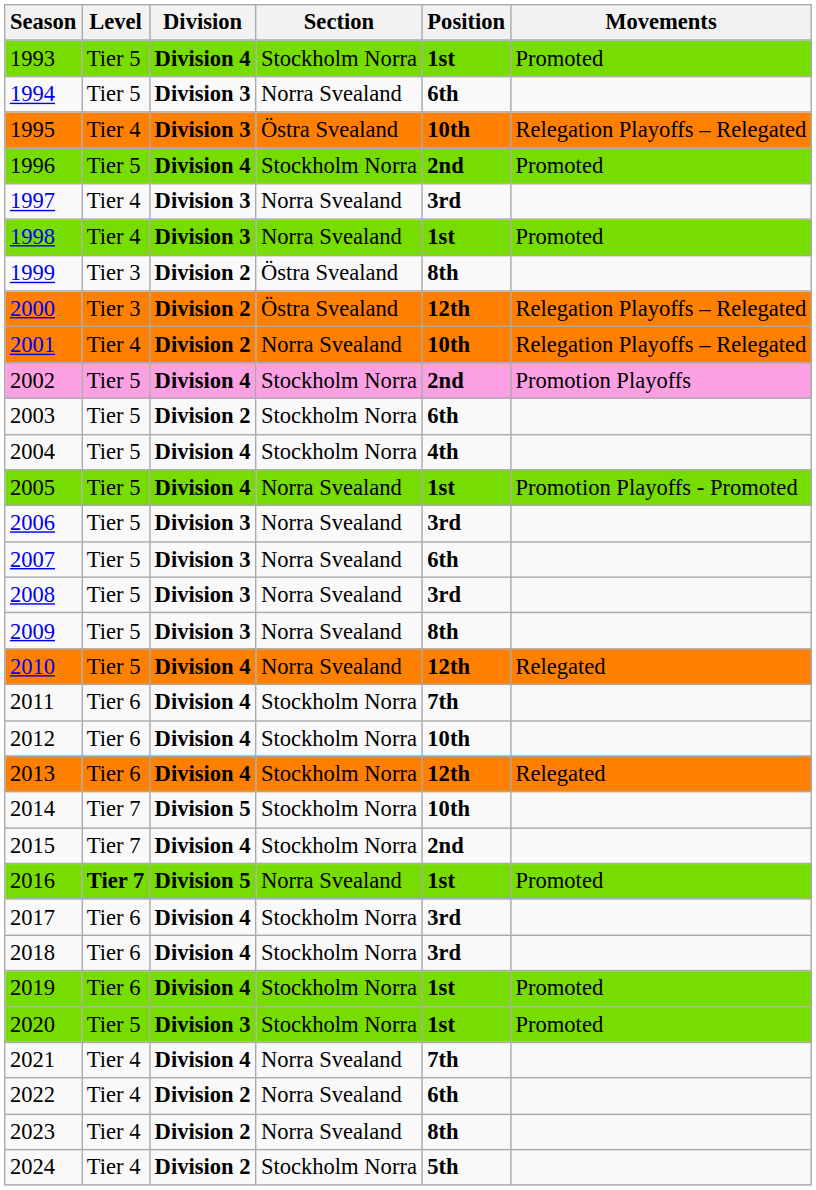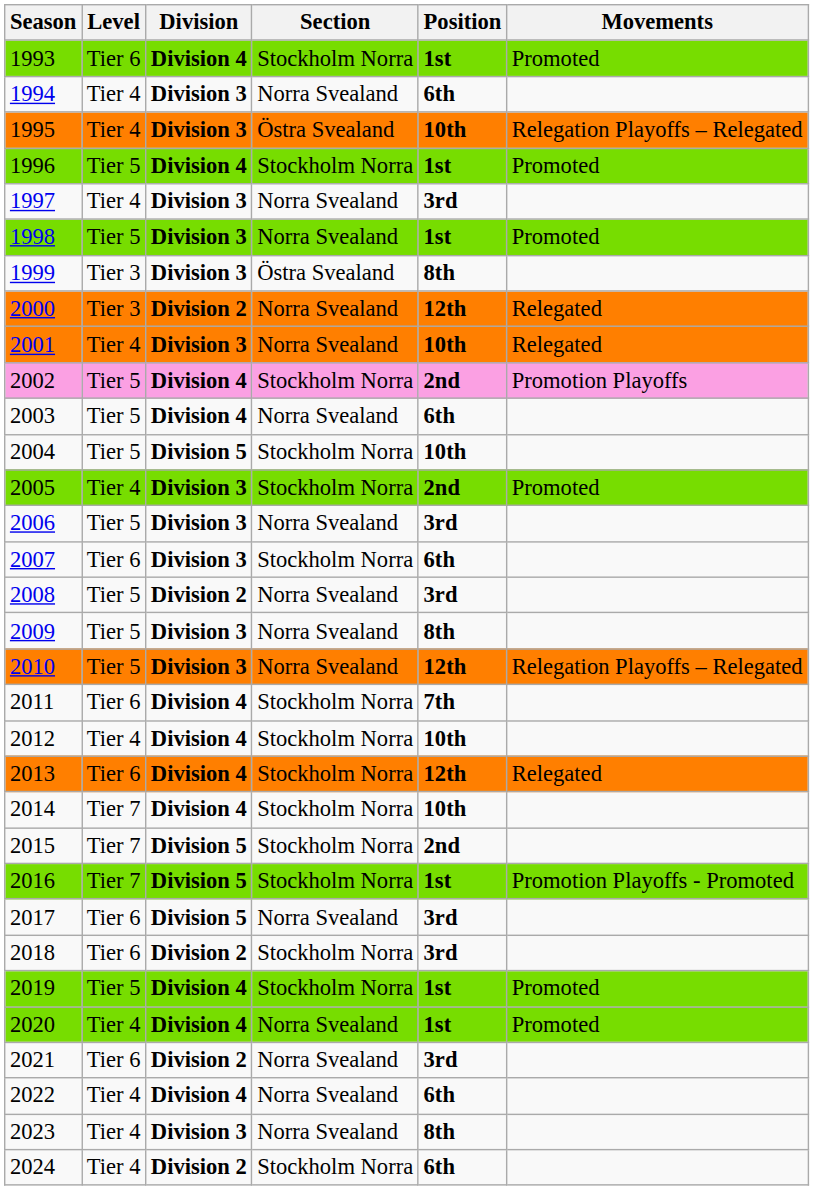 <table class="wikitable">
 <tr style="background:#f0f6fa;">
 <th>Season</th>
 <th>Level</th>
 <th>Division</th>
 <th>Section</th>
 <th>Position</th>
 <th>Movements</th>
 </tr>
 <tr>
 <td style="background:#77DD00;">1993</td>
-<td style="background:#77DD00;">Tier 5</td>
+<td style="background:#77DD00;">Tier 6</td>
 <td style="background:#77DD00;"><strong>Division 4</strong></td>
 <td style="background:#77DD00;">Stockholm Norra</td>
 <td style="background:#77DD00;"><strong>1st</strong></td>
 <td style="background:#77DD00;">Promoted</td>
 </tr>
 <tr>
 <td style="background"><a href='#'>1994</a></td>
-<td style="background">Tier 5</td>
+<td style="background">Tier 4</td>
 <td style="background"><strong>Division 3</strong></td>
 <td style="background">Norra Svealand</td>
 <td style="background"><strong>6th</strong></td>
 <td style="background"></td>
 </tr>
 <tr>
 <td style="background:#FF7F00;">1995</td>
 <td style="background:#FF7F00;">Tier 4</td>
 <td style="background:#FF7F00;"><strong>Division 3</strong></td>
 <td style="background:#FF7F00;">Östra Svealand</td>
 <td style="background:#FF7F00;"><strong>10th</strong></td>
 <td style="background:#FF7F00;">Relegation Playoffs – Relegated</td>
 </tr>
 <tr>
 <td style="background:#77DD00;">1996</td>
 <td style="background:#77DD00;">Tier 5</td>
 <td style="background:#77DD00;"><strong>Division 4</strong></td>
 <td style="background:#77DD00;">Stockholm Norra</td>
-<td style="background:#77DD00;"><strong>2nd</strong></td>
+<td style="background:#77DD00;"><strong>1st</strong></td>
 <td style="background:#77DD00;">Promoted</td>
 </tr>
 <tr>
 <td style="background"><a href='#'>1997</a></td>
 <td style="background">Tier 4</td>
 <td style="background"><strong>Division 3</strong></td>
 <td style="background">Norra Svealand</td>
 <td style="background"><strong>3rd</strong></td>
 <td style="background"></td>
 </tr>
 <tr>
 <td style="background:#77DD00;"><a href='#'>1998</a></td>
-<td style="background:#77DD00;">Tier 4</td>
+<td style="background:#77DD00;">Tier 5</td>
 <td style="background:#77DD00;"><strong>Division 3</strong></td>
 <td style="background:#77DD00;">Norra Svealand</td>
 <td style="background:#77DD00;"><strong>1st</strong></td>
 <td style="background:#77DD00;">Promoted</td>
 </tr>
 <tr>
 <td style="background"><a href='#'>1999</a></td>
 <td style="background">Tier 3</td>
-<td style="background"><strong>Division 2</strong></td>
+<td style="background"><strong>Division 3</strong></td>
 <td style="background">Östra Svealand</td>
 <td style="background"><strong>8th</strong></td>
 <td style="background"></td>
 </tr>
 <tr>
 <td style="background:#FF7F00;"><a href='#'>2000</a></td>
 <td style="background:#FF7F00;">Tier 3</td>
 <td style="background:#FF7F00;"><strong>Division 2</strong></td>
-<td style="background:#FF7F00;">Östra Svealand</td>
+<td style="background:#FF7F00;">Norra Svealand</td>
 <td style="background:#FF7F00;"><strong>12th</strong></td>
-<td style="background:#FF7F00;">Relegation Playoffs – Relegated</td>
+<td style="background:#FF7F00;">Relegated</td>
 </tr>
 <tr>
 <td style="background:#FF7F00;"><a href='#'>2001</a></td>
 <td style="background:#FF7F00;">Tier 4</td>
-<td style="background:#FF7F00;"><strong>Division 2</strong></td>
+<td style="background:#FF7F00;"><strong>Division 3</strong></td>
 <td style="background:#FF7F00;">Norra Svealand</td>
 <td style="background:#FF7F00;"><strong>10th</strong></td>
-<td style="background:#FF7F00;">Relegation Playoffs – Relegated</td>
+<td style="background:#FF7F00;">Relegated</td>
 </tr>
 <tr>
 <td style="background:#FBA0E3;">2002</td>
 <td style="background:#FBA0E3;">Tier 5</td>
 <td style="background:#FBA0E3;"><strong>Division 4</strong></td>
 <td style="background:#FBA0E3;">Stockholm Norra</td>
 <td style="background:#FBA0E3;"><strong>2nd</strong></td>
 <td style="background:#FBA0E3;">Promotion Playoffs</td>
 </tr>
 <tr>
 <td style="background">2003</td>
 <td style="background">Tier 5</td>
-<td style="background"><strong>Division 2</strong></td>
-<td style="background">Stockholm Norra</td>
+<td style="background"><strong>Division 4</strong></td>
+<td style="background">Norra Svealand</td>
 <td style="background"><strong>6th</strong></td>
 <td style="background"></td>
 </tr>
 <tr>
 <td style="background">2004</td>
 <td style="background">Tier 5</td>
-<td style="background"><strong>Division 4</strong></td>
+<td style="background"><strong>Division 5</strong></td>
 <td style="background">Stockholm Norra</td>
-<td style="background"><strong>4th</strong></td>
+<td style="background"><strong>10th</strong></td>
 <td style="background"></td>
 </tr>
 <tr>
 <td style="background:#77DD00;">2005</td>
-<td style="background:#77DD00;">Tier 5</td>
-<td style="background:#77DD00;"><strong>Division 4</strong></td>
-<td style="background:#77DD00;">Norra Svealand</td>
-<td style="background:#77DD00;"><strong>1st</strong></td>
-<td style="background:#77DD00;">Promotion Playoffs - Promoted</td>
+<td style="background:#77DD00;">Tier 4</td>
+<td style="background:#77DD00;"><strong>Division 3</strong></td>
+<td style="background:#77DD00;">Stockholm Norra</td>
+<td style="background:#77DD00;"><strong>2nd</strong></td>
+<td style="background:#77DD00;">Promoted</td>
 </tr>
 <tr>
 <td style="background"><a href='#'>2006</a></td>
 <td style="background:">Tier 5</td>
 <td style="background"><strong>Division 3</strong></td>
 <td style="background">Norra Svealand</td>
 <td style="background"><strong>3rd</strong></td>
 <td style="background"></td>
 </tr>
 <tr>
 <td style="background"><a href='#'>2007</a></td>
-<td style="background">Tier 5</td>
+<td style="background">Tier 6</td>
 <td style="background"><strong>Division 3</strong></td>
-<td style="background">Norra Svealand</td>
+<td style="background">Stockholm Norra</td>
 <td style="background"><strong>6th</strong></td>
 <td style="background"></td>
 </tr>
 <tr>
 <td style="background"><a href='#'>2008</a></td>
 <td style="background">Tier 5</td>
-<td style="background"><strong>Division 3</strong></td>
+<td style="background"><strong>Division 2</strong></td>
 <td style="background">Norra Svealand</td>
 <td style="background"><strong>3rd</strong></td>
 <td style="background"></td>
 </tr>
 <tr>
 <td style="background"><a href='#'>2009</a></td>
 <td style="background">Tier 5</td>
 <td style="background"><strong>Division 3</strong></td>
 <td style="background">Norra Svealand</td>
 <td style="background"><strong>8th</strong></td>
 <td style="background"></td>
 </tr>
 <tr>
 <td style="background:#FF7F00;"><a href='#'>2010</a></td>
 <td style="background:#FF7F00;">Tier 5</td>
-<td style="background:#FF7F00;"><strong>Division 4</strong></td>
+<td style="background:#FF7F00;"><strong>Division 3</strong></td>
 <td style="background:#FF7F00;">Norra Svealand</td>
 <td style="background:#FF7F00;"><strong>12th</strong></td>
-<td style="background:#FF7F00;">Relegated</td>
+<td style="background:#FF7F00;">Relegation Playoffs – Relegated</td>
 </tr>
 <tr>
 <td style="background">2011</td>
 <td style="background">Tier 6</td>
 <td style="background"><strong>Division 4</strong></td>
 <td style="background">Stockholm Norra</td>
 <td style="background"><strong>7th</strong></td>
 <td style="background"></td>
 </tr>
 <tr>
 <td style="background">2012</td>
-<td style="background">Tier 6</td>
+<td style="background">Tier 4</td>
 <td style="background"><strong>Division 4</strong></td>
 <td style="background">Stockholm Norra</td>
 <td style="background"><strong>10th</strong></td>
 <td style="background"></td>
 </tr>
 <tr>
 <td style="background:#FF7F00;">2013</td>
 <td style="background:#FF7F00;">Tier 6</td>
 <td style="background:#FF7F00;"><strong>Division 4</strong></td>
 <td style="background:#FF7F00;">Stockholm Norra</td>
 <td style="background:#FF7F00;"><strong>12th</strong></td>
 <td style="background:#FF7F00;">Relegated</td>
 </tr>
 <tr>
 <td style="background">2014</td>
 <td style="background">Tier 7</td>
-<td style="background"><strong>Division 5</strong></td>
+<td style="background"><strong>Division 4</strong></td>
 <td style="background">Stockholm Norra</td>
 <td style="background"><strong>10th</strong></td>
 <td style="background"></td>
 </tr>
 <tr>
 <td style="background">2015</td>
 <td style="background">Tier 7</td>
-<td style="background"><strong>Division 4</strong></td>
+<td style="background"><strong>Division 5</strong></td>
 <td style="background">Stockholm Norra</td>
 <td style="background"><strong>2nd</strong></td>
 </tr>
 <tr>
 <td style="background:#77DD00;">2016</td>
-<td style="background:#77DD00;"><strong>Tier 7</strong></td>
+<td style="background:#77DD00;">Tier 7</td>
 <td style="background:#77DD00;"><strong>Division 5</strong></td>
-<td style="background:#77DD00;">Norra Svealand</td>
+<td style="background:#77DD00;">Stockholm Norra</td>
 <td style="background:#77DD00;"><strong>1st</strong></td>
-<td style="background:#77DD00;">Promoted</td>
+<td style="background:#77DD00;">Promotion Playoffs - Promoted</td>
 </tr>
 <tr>
 <td style="background">2017</td>
 <td style="background">Tier 6</td>
-<td style="background"><strong>Division 4</strong></td>
-<td style="background">Stockholm Norra</td>
+<td style="background"><strong>Division 5</strong></td>
+<td style="background">Norra Svealand</td>
 <td style="background"><strong>3rd</strong></td>
 <td style="background"></td>
 </tr>
 <tr>
 <td style="background">2018</td>
 <td style="background">Tier 6</td>
-<td style="background"><strong>Division 4</strong></td>
+<td style="background"><strong>Division 2</strong></td>
 <td style="background">Stockholm Norra</td>
 <td style="background"><strong>3rd</strong></td>
 <td style="background"></td>
 </tr>
 <tr>
 <td style="background:#77DD00;">2019</td>
-<td style="background:#77DD00;">Tier 6</td>
+<td style="background:#77DD00;">Tier 5</td>
 <td style="background:#77DD00;"><strong>Division 4</strong></td>
 <td style="background:#77DD00;">Stockholm Norra</td>
 <td style="background:#77DD00;"><strong>1st</strong></td>
 <td style="background:#77DD00;">Promoted</td>
 </tr>
 <tr>
 <td style="background:#77DD00;">2020</td>
-<td style="background:#77DD00;">Tier 5</td>
-<td style="background:#77DD00;"><strong>Division 3</strong></td>
-<td style="background:#77DD00;">Stockholm Norra</td>
+<td style="background:#77DD00;">Tier 4</td>
+<td style="background:#77DD00;"><strong>Division 4</strong></td>
+<td style="background:#77DD00;">Norra Svealand</td>
 <td style="background:#77DD00;"><strong>1st</strong></td>
 <td style="background:#77DD00;">Promoted</td>
 </tr>
 <tr>
 <td style="background">2021</td>
-<td style="background">Tier 4</td>
-<td style="background"><strong>Division 4</strong></td>
+<td style="background">Tier 6</td>
+<td style="background"><strong>Division 2</strong></td>
 <td style="background">Norra Svealand</td>
-<td style="background"><strong>7th</strong></td>
+<td style="background"><strong>3rd</strong></td>
 <td style="background"></td>
 </tr>
 <tr>
 <td style="background">2022</td>
 <td style="background">Tier 4</td>
-<td style="background"><strong>Division 2</strong></td>
+<td style="background"><strong>Division 4</strong></td>
 <td style="background">Norra Svealand</td>
 <td style="background"><strong>6th</strong></td>
 <td style="background"></td>
 </tr>
 <tr>
 <td style="background">2023</td>
 <td style="background">Tier 4</td>
-<td style="background"><strong>Division 2</strong></td>
+<td style="background"><strong>Division 3</strong></td>
 <td style="background">Norra Svealand</td>
 <td style="background"><strong>8th</strong></td>
 <td style="background"></td>
 </tr>
 <tr>
 <td style="background">2024</td>
 <td style="background">Tier 4</td>
 <td style="background"><strong>Division 2</strong></td>
 <td style="background">Stockholm Norra</td>
-<td style="background"><strong>5th</strong></td>
+<td style="background"><strong>6th</strong></td>
 <td style="background"></td>
 </tr>
 </table>
